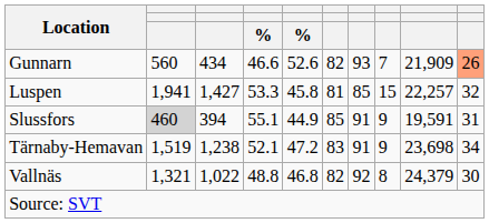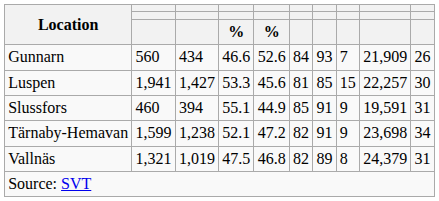 <table role="presentation" class="wikitable sortable mw-collapsible">
 <tr>
 <th rowspan="3">Location</th>
 <th></th>
 <th></th>
 <th></th>
 <th></th>
 <th></th>
 <th></th>
 <th></th>
 <th></th>
 <th></th>
 </tr>
 <tr>
 <th></th>
 <th></th>
 <th style="background:"></th>
 <th style="background:"></th>
 <th></th>
 <th></th>
 <th></th>
 <th></th>
 <th></th>
 </tr>
 <tr>
 <th data-sort-type="number"></th>
 <th data-sort-type="number"></th>
 <th data-sort-type="number">%</th>
 <th data-sort-type="number">%</th>
 <th data-sort-type="number"></th>
 <th data-sort-type="number"></th>
 <th data-sort-type="number"></th>
 <th data-sort-type="number"></th>
 <th data-sort-type="number"></th>
 </tr>
 <tr>
 <td align="left">Gunnarn</td>
 <td>560</td>
 <td>434</td>
 <td>46.6</td>
 <td>52.6</td>
-<td>82</td>
+<td>84</td>
 <td>93</td>
 <td>7</td>
 <td>21,909</td>
-<td style="background: lightsalmon;">26</td>
+<td>26</td>
 </tr>
 <tr>
 <td align="left">Luspen</td>
 <td>1,941</td>
 <td>1,427</td>
 <td>53.3</td>
-<td>45.8</td>
+<td>45.6</td>
 <td>81</td>
 <td>85</td>
 <td>15</td>
 <td>22,257</td>
-<td>32</td>
+<td>30</td>
 </tr>
 <tr>
 <td align="left">Slussfors</td>
-<td style="background: lightgrey;">460</td>
+<td>460</td>
 <td>394</td>
 <td>55.1</td>
 <td>44.9</td>
 <td>85</td>
 <td>91</td>
 <td>9</td>
 <td>19,591</td>
 <td>31</td>
 </tr>
 <tr>
 <td align="left">Tärnaby-Hemavan</td>
-<td>1,519</td>
+<td>1,599</td>
 <td>1,238</td>
 <td>52.1</td>
 <td>47.2</td>
-<td>83</td>
+<td>82</td>
 <td>91</td>
 <td>9</td>
 <td>23,698</td>
 <td>34</td>
 </tr>
 <tr>
 <td align="left">Vallnäs</td>
 <td>1,321</td>
-<td>1,022</td>
-<td>48.8</td>
+<td>1,019</td>
+<td>47.5</td>
 <td>46.8</td>
 <td>82</td>
-<td>92</td>
+<td>89</td>
 <td>8</td>
 <td>24,379</td>
-<td>30</td>
+<td>31</td>
 </tr>
 <tr>
 <td colspan="10" align="left">Source: <a href='#'>SVT</a></td>
 </tr>
 </table>
